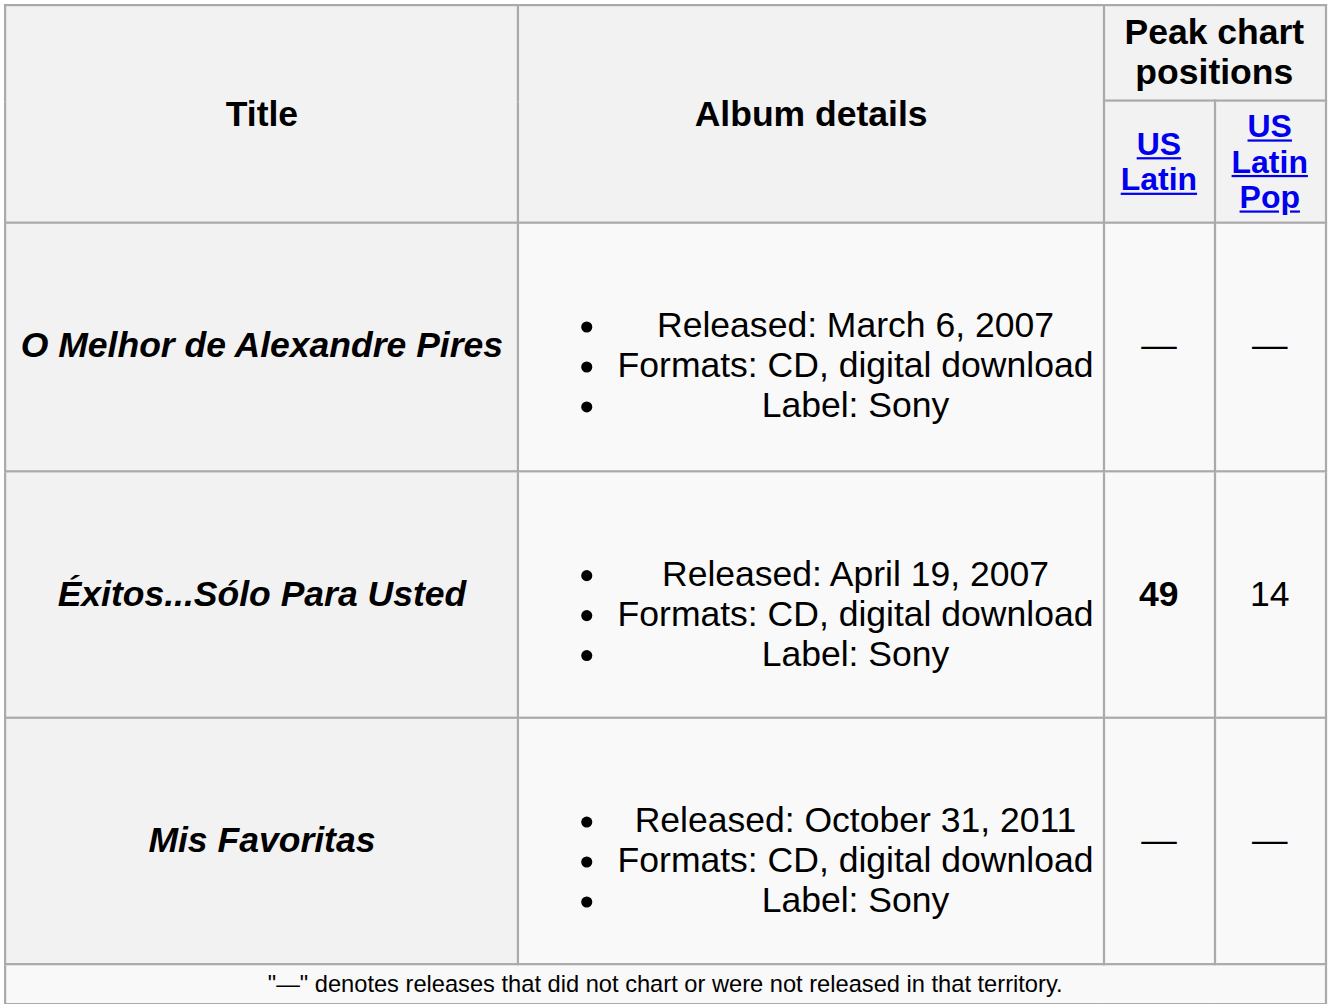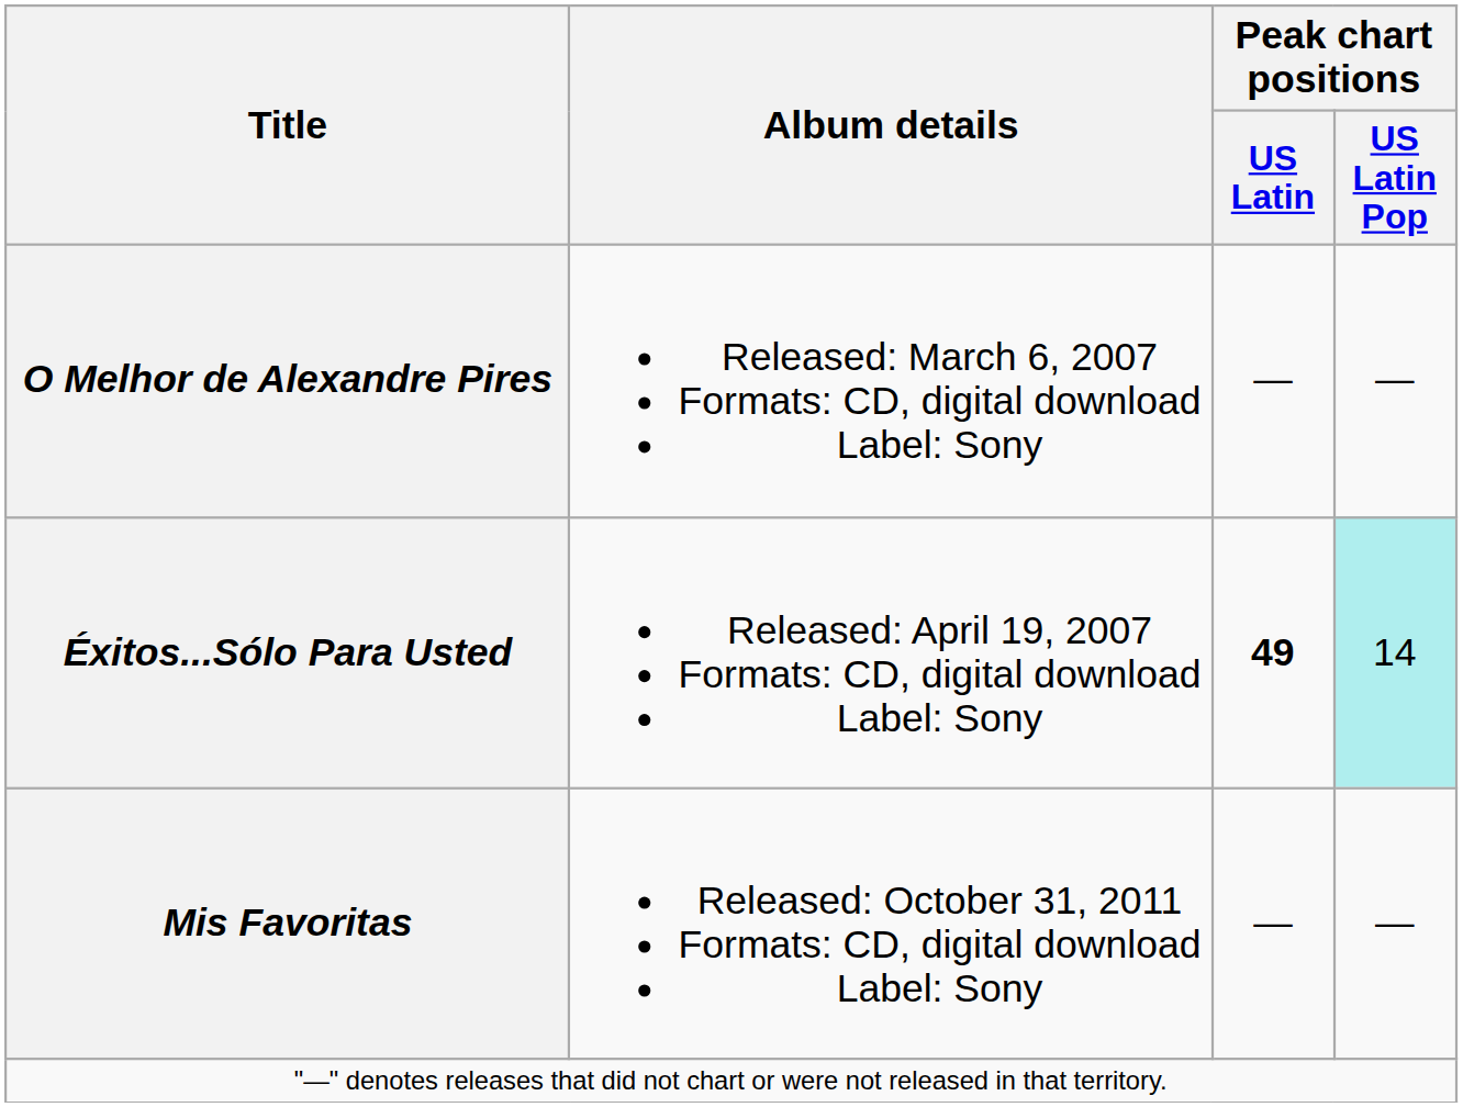 <table class="wikitable plainrowheaders" style="text-align:center;">
 <tr>
 <th scope="col" rowspan="2" style="width:14em;">Title</th>
 <th scope="col" rowspan="2" style="width:16em;">Album details</th>
 <th scope="col" colspan="2">Peak chart positions</th>
 </tr>
 <tr>
 <th scope="col" style="width:3em;font-size:90%;"><a href='#'>US<br>Latin</a><br></th>
 <th scope="col" style="width:3em;font-size:90%;"><a href='#'>US<br>Latin<br>Pop</a><br></th>
 </tr>
 <tr>
 <th scope="row"><em>O Melhor de Alexandre Pires</em></th>
 <td><br><ul><li>Released:  March 6, 2007</li><li>Formats: CD, digital download</li><li>Label: Sony</li></ul></td>
 <td>—</td>
 <td>—</td>
 </tr>
 <tr>
 <th scope="row"><em>Éxitos...Sólo Para Usted</em></th>
 <td><br><ul><li>Released: April 19, 2007</li><li>Formats: CD, digital download</li><li>Label: Sony</li></ul></td>
 <td><strong>49</strong></td>
-<td>14</td>
+<td style="background: paleturquoise;">14</td>
 </tr>
 <tr>
 <th scope="row"><em>Mis Favoritas</em></th>
 <td><br><ul><li>Released: October 31, 2011</li><li>Formats: CD, digital download</li><li>Label: Sony</li></ul></td>
 <td>—</td>
 <td>—</td>
 </tr>
 <tr>
 <td align="center" colspan="15" style="font-size:8pt">"—" denotes releases that did not chart or were not released in that territory.</td>
 </tr>
 </table>
